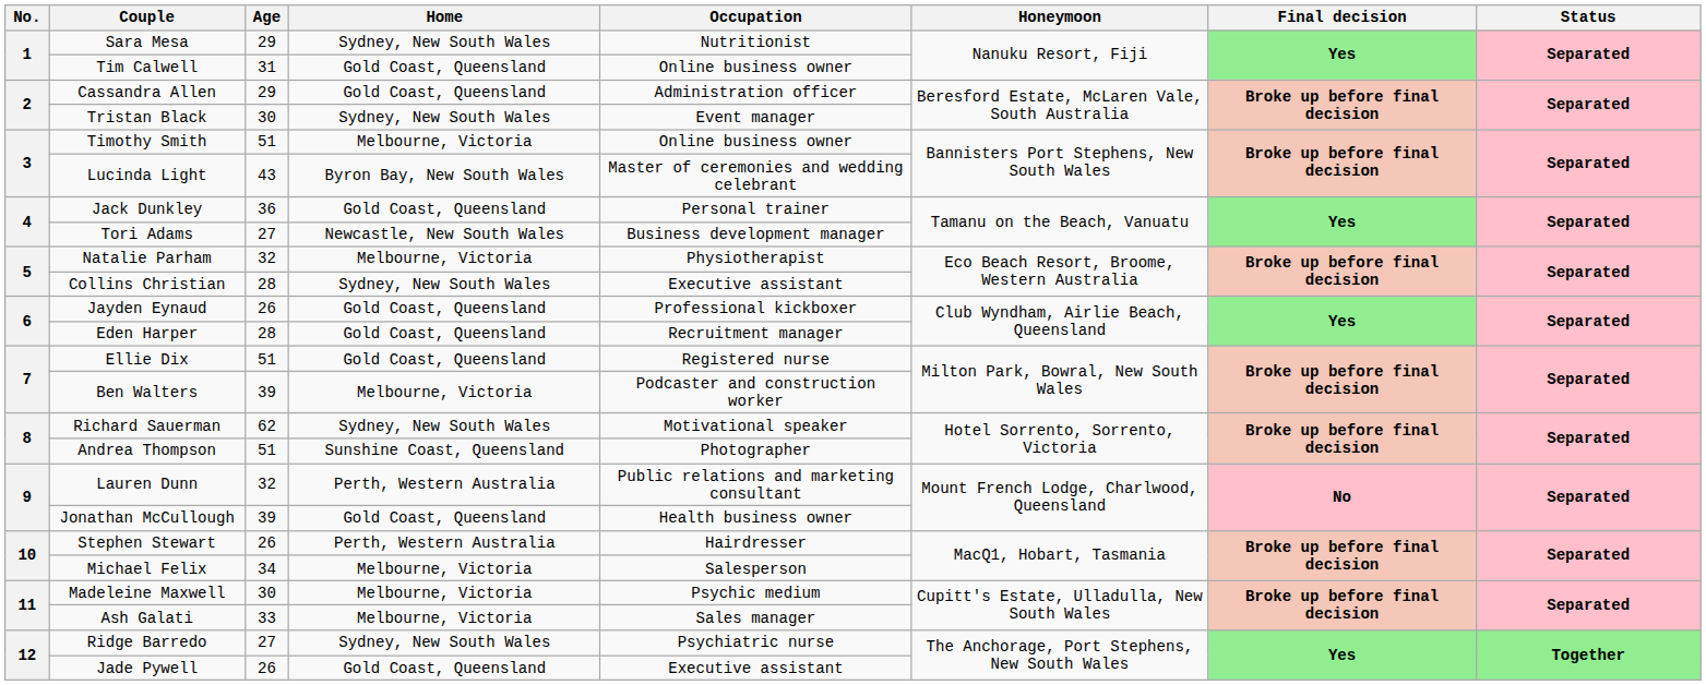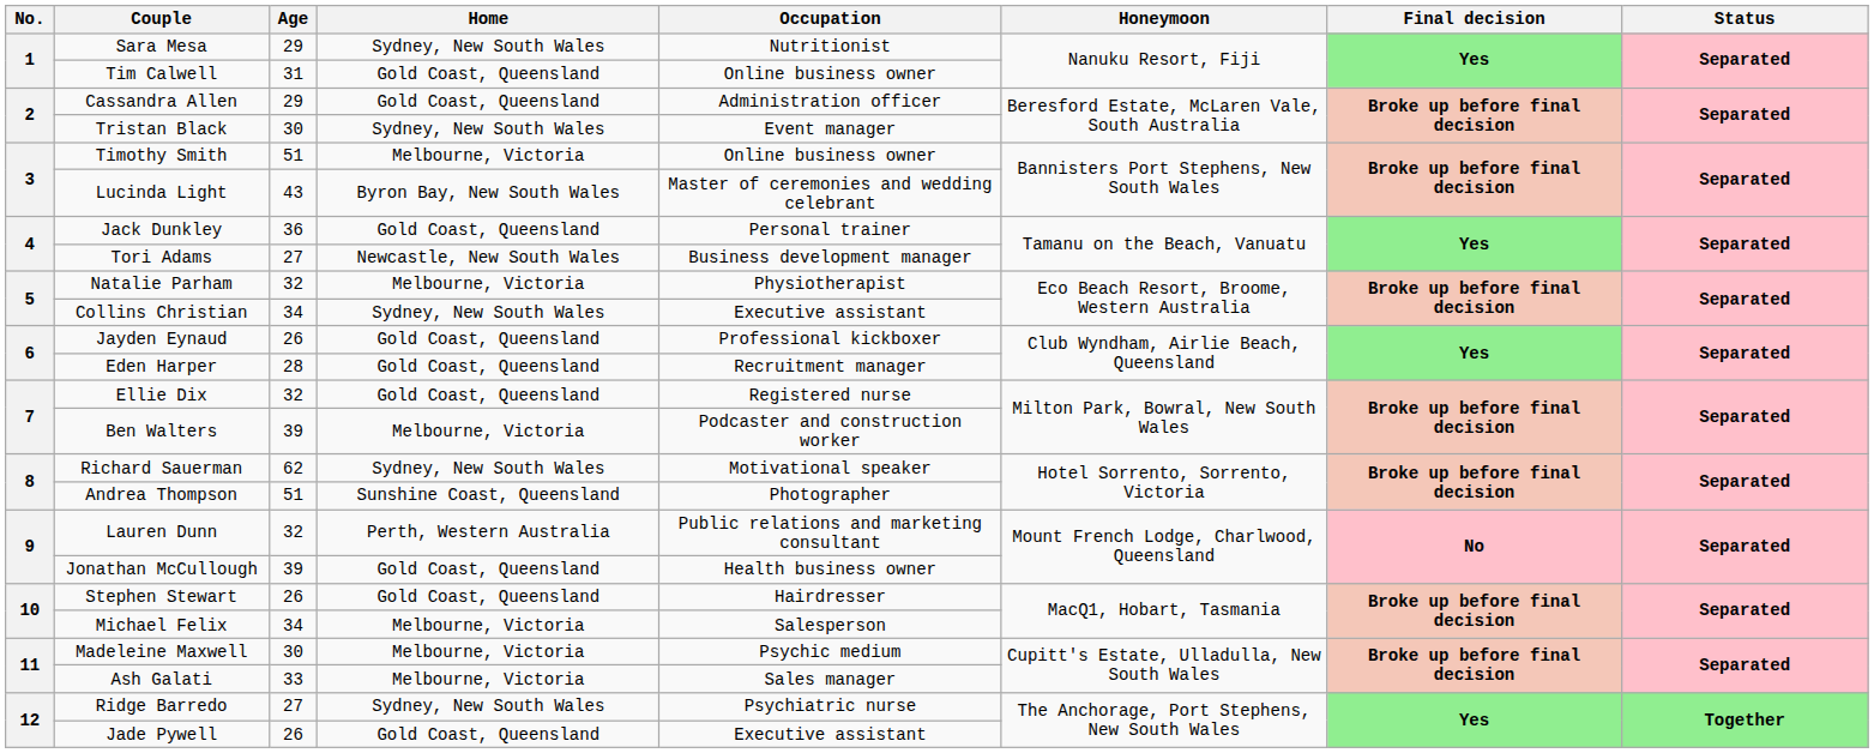 <table class="wikitable plainrowheaders" style="text-align:center; width:100%; font-size:88%;">
 <tr>
 <th width=25>No.</th>
 <th width=130>Couple</th>
 <th width=25>Age</th>
 <th width=210>Home</th>
 <th width=210>Occupation</th>
 <th width=200>Honeymoon</th>
 <th width=180>Final decision</th>
 <th width=150>Status</th>
 </tr>
 <tr>
 <th rowspan="2">1</th>
 <td>Sara Mesa</td>
 <td>29</td>
 <td>Sydney, New South Wales</td>
 <td>Nutritionist</td>
 <td rowspan="2">Nanuku Resort, Fiji</td>
 <th rowspan="2" style="background:lightgreen;">Yes</th>
 <th rowspan="2" style="background:pink;">Separated</th>
 </tr>
 <tr>
 <td>Tim Calwell</td>
 <td>31</td>
 <td>Gold Coast, Queensland</td>
 <td>Online business owner</td>
 </tr>
 <tr>
 <th rowspan="2">2</th>
 <td>Cassandra Allen</td>
 <td>29</td>
 <td>Gold Coast, Queensland</td>
 <td>Administration officer</td>
 <td rowspan="2">Beresford Estate, McLaren Vale, South Australia</td>
 <th rowspan="2" style="background:#f4c7b8;">Broke up before final decision</th>
 <th rowspan="2" style="background:pink;">Separated</th>
 </tr>
 <tr>
 <td>Tristan Black</td>
 <td>30</td>
 <td>Sydney, New South Wales</td>
 <td>Event manager</td>
 </tr>
 <tr>
 <th rowspan="2">3</th>
 <td>Timothy Smith</td>
 <td>51</td>
 <td>Melbourne, Victoria</td>
 <td>Online business owner</td>
 <td rowspan="2">Bannisters Port Stephens, New South Wales</td>
 <th rowspan="2" style="background:#f4c7b8;">Broke up before final decision</th>
 <th rowspan="2" style="background:pink;">Separated</th>
 </tr>
 <tr>
 <td>Lucinda Light</td>
 <td>43</td>
 <td>Byron Bay, New South Wales</td>
 <td>Master of ceremonies and wedding celebrant</td>
 </tr>
 <tr>
 <th rowspan="2">4</th>
 <td>Jack Dunkley</td>
 <td>36</td>
 <td>Gold Coast, Queensland</td>
 <td>Personal trainer</td>
 <td rowspan="2">Tamanu on the Beach, Vanuatu</td>
 <th rowspan="2" style="background:lightgreen;">Yes</th>
 <th rowspan="2" style="background:pink;">Separated</th>
 </tr>
 <tr>
 <td>Tori Adams</td>
 <td>27</td>
 <td>Newcastle, New South Wales</td>
 <td>Business development manager</td>
 </tr>
 <tr>
 <th rowspan="2">5</th>
 <td>Natalie Parham</td>
 <td>32</td>
 <td>Melbourne, Victoria</td>
 <td>Physiotherapist</td>
 <td rowspan="2">Eco Beach Resort, Broome, Western Australia</td>
 <th rowspan="2" style="background:#f4c7b8;">Broke up before final decision</th>
 <th rowspan="2" style="background:pink;">Separated</th>
 </tr>
 <tr>
 <td>Collins Christian</td>
-<td>28</td>
+<td>34</td>
 <td>Sydney, New South Wales</td>
 <td>Executive assistant</td>
 </tr>
 <tr>
 <th rowspan="2">6</th>
 <td>Jayden Eynaud</td>
 <td>26</td>
 <td>Gold Coast, Queensland</td>
 <td>Professional kickboxer</td>
 <td rowspan="2">Club Wyndham, Airlie Beach, Queensland</td>
 <th rowspan="2" style="background:lightgreen;">Yes</th>
 <th rowspan="2" style="background:pink;">Separated</th>
 </tr>
 <tr>
 <td>Eden Harper</td>
 <td>28</td>
 <td>Gold Coast, Queensland</td>
 <td>Recruitment manager</td>
 </tr>
 <tr>
 <th rowspan="2">7</th>
 <td>Ellie Dix</td>
-<td>51</td>
+<td>32</td>
 <td>Gold Coast, Queensland</td>
 <td>Registered nurse</td>
 <td rowspan="2">Milton Park, Bowral, New South Wales</td>
 <th rowspan="2" style="background:#f4c7b8;">Broke up before final decision</th>
 <th rowspan="2" style="background:pink;">Separated</th>
 </tr>
 <tr>
 <td>Ben Walters</td>
 <td>39</td>
 <td>Melbourne, Victoria</td>
 <td>Podcaster and construction worker</td>
 </tr>
 <tr>
 <th rowspan="2">8</th>
 <td>Richard Sauerman</td>
 <td>62</td>
 <td>Sydney, New South Wales</td>
 <td>Motivational speaker</td>
 <td rowspan="2">Hotel Sorrento, Sorrento, Victoria</td>
 <th rowspan="2" style="background:#f4c7b8;">Broke up before final decision</th>
 <th rowspan="2" style="background:pink;">Separated</th>
 </tr>
 <tr>
 <td>Andrea Thompson</td>
 <td>51</td>
 <td>Sunshine Coast, Queensland</td>
 <td>Photographer</td>
 </tr>
 <tr>
 <th rowspan="2">9</th>
 <td>Lauren Dunn</td>
 <td>32</td>
 <td>Perth, Western Australia</td>
 <td>Public relations and marketing consultant</td>
 <td rowspan="2">Mount French Lodge, Charlwood, Queensland</td>
 <th rowspan="2" style="background:pink;">No</th>
 <th rowspan="2" style="background:pink;">Separated</th>
 </tr>
 <tr>
 <td>Jonathan McCullough</td>
 <td>39</td>
 <td>Gold Coast, Queensland</td>
 <td>Health business owner</td>
 </tr>
 <tr>
 <th rowspan="2">10</th>
 <td>Stephen Stewart</td>
 <td>26</td>
-<td>Perth, Western Australia</td>
+<td>Gold Coast, Queensland</td>
 <td>Hairdresser</td>
 <td rowspan="2">MacQ1, Hobart, Tasmania</td>
 <th rowspan="2" style="background:#f4c7b8;">Broke up before final decision</th>
 <th rowspan="2" style="background:pink;">Separated</th>
 </tr>
 <tr>
 <td>Michael Felix</td>
 <td>34</td>
 <td>Melbourne, Victoria</td>
 <td>Salesperson</td>
 </tr>
 <tr>
 <th rowspan="2">11</th>
 <td>Madeleine Maxwell</td>
 <td>30</td>
 <td>Melbourne, Victoria</td>
 <td>Psychic medium</td>
 <td rowspan="2">Cupitt's Estate, Ulladulla, New South Wales</td>
 <th rowspan="2" style="background:#f4c7b8;">Broke up before final decision</th>
 <th rowspan="2" style="background:pink;">Separated</th>
 </tr>
 <tr>
 <td>Ash Galati</td>
 <td>33</td>
 <td>Melbourne, Victoria</td>
 <td>Sales manager</td>
 </tr>
 <tr>
 <th rowspan="2">12</th>
 <td>Ridge Barredo</td>
 <td>27</td>
 <td>Sydney, New South Wales</td>
 <td>Psychiatric nurse</td>
 <td rowspan="2">The Anchorage, Port Stephens, New South Wales</td>
 <th rowspan="2" style="background:lightgreen;">Yes</th>
 <th rowspan="2" style="background:lightgreen;">Together</th>
 </tr>
 <tr>
 <td>Jade Pywell</td>
 <td>26</td>
 <td>Gold Coast, Queensland</td>
 <td>Executive assistant</td>
 </tr>
 </table>
